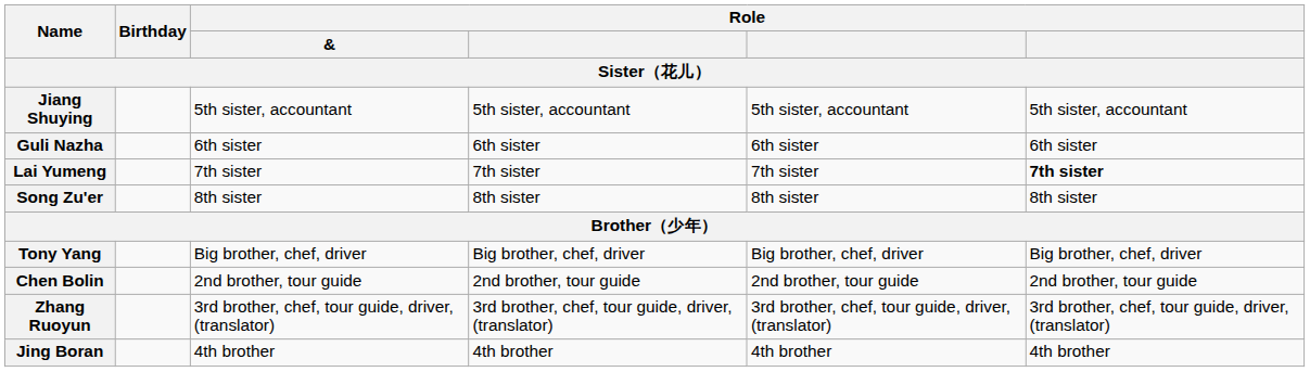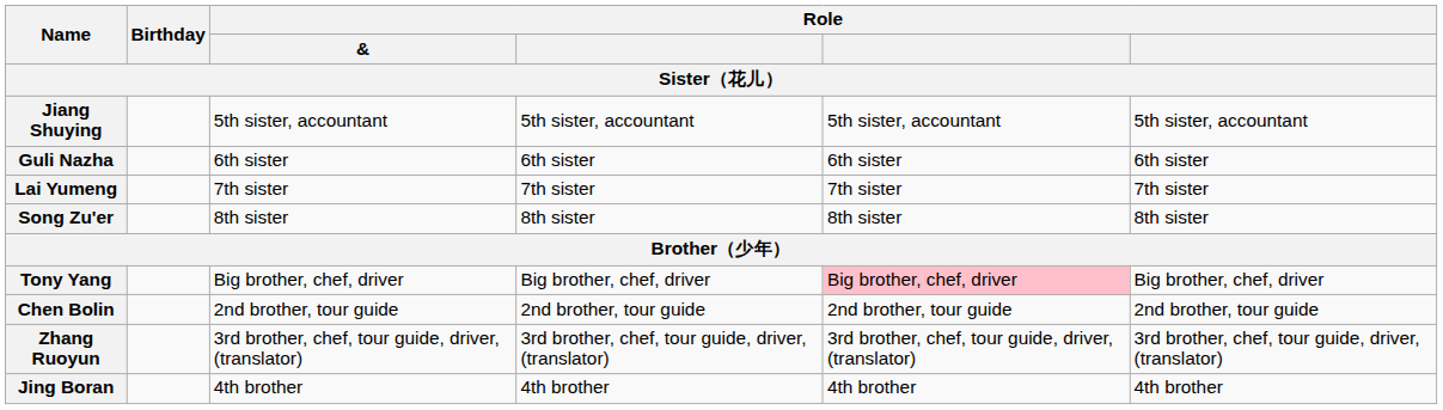 <table class="wikitable">
 <tr>
 <th rowspan="2">Name</th>
 <th rowspan="2">Birthday</th>
 <th colspan="4">Role</th>
 </tr>
 <tr>
 <th>&</th>
 <th></th>
 <th></th>
 <th></th>
 </tr>
 <tr>
 <th colspan="6">Sister（花儿）</th>
 </tr>
 <tr>
 <th>Jiang Shuying</th>
 <td></td>
 <td>5th sister, accountant</td>
 <td>5th sister, accountant</td>
 <td>5th sister, accountant</td>
 <td>5th sister, accountant</td>
 </tr>
 <tr>
 <th>Guli Nazha</th>
 <td></td>
 <td>6th sister</td>
 <td>6th sister</td>
 <td>6th sister</td>
 <td>6th sister</td>
 </tr>
 <tr>
 <th>Lai Yumeng</th>
 <td></td>
 <td>7th sister</td>
 <td>7th sister</td>
 <td>7th sister</td>
-<td><strong>7th sister</strong></td>
+<td>7th sister</td>
 </tr>
 <tr>
 <th>Song Zu'er</th>
 <td></td>
 <td>8th sister</td>
 <td>8th sister</td>
 <td>8th sister</td>
 <td>8th sister</td>
 </tr>
 <tr>
 <th colspan="6">Brother（少年）</th>
 </tr>
 <tr>
 <th>Tony Yang</th>
 <td></td>
 <td>Big brother, chef, driver</td>
 <td>Big brother, chef, driver</td>
-<td>Big brother, chef, driver</td>
+<td style="background: pink;">Big brother, chef, driver</td>
 <td>Big brother, chef, driver</td>
 </tr>
 <tr>
 <th>Chen Bolin</th>
 <td></td>
 <td>2nd brother, tour guide</td>
 <td>2nd brother, tour guide</td>
 <td>2nd brother, tour guide</td>
 <td>2nd brother, tour guide</td>
 </tr>
 <tr>
 <th>Zhang Ruoyun</th>
 <td></td>
 <td>3rd brother, chef, tour guide, driver, (translator)</td>
 <td>3rd brother, chef, tour guide, driver, (translator)</td>
 <td>3rd brother, chef, tour guide, driver, (translator)</td>
 <td>3rd brother, chef, tour guide, driver, (translator)</td>
 </tr>
 <tr>
 <th>Jing Boran</th>
 <td></td>
 <td>4th brother</td>
 <td>4th brother</td>
 <td>4th brother</td>
 <td>4th brother</td>
 </tr>
 </table>
